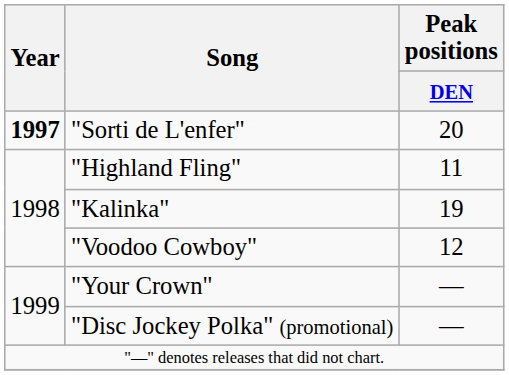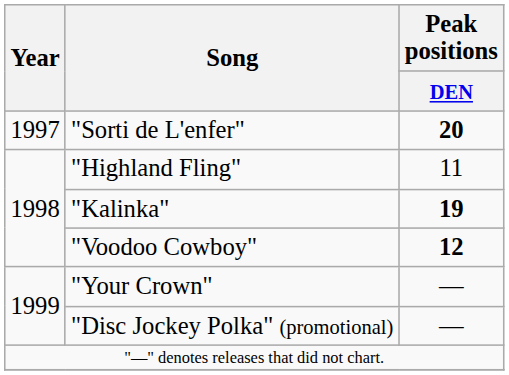 <table class="wikitable">
 <tr>
 <th rowspan="2">Year</th>
 <th rowspan="2">Song</th>
 <th>Peak<br>positions</th>
 </tr>
 <tr>
 <th width=40><small><a href='#'>DEN</a></small></th>
 </tr>
 <tr>
-<td rowspan="1"><strong>1997</strong></td>
+<td rowspan="1">1997</td>
 <td>"Sorti de L'enfer"</td>
-<td align="center">20</td>
+<td align="center"><strong>20</strong></td>
 </tr>
 <tr>
 <td rowspan="3">1998</td>
 <td>"Highland Fling"</td>
 <td align="center">11</td>
 </tr>
 <tr>
 <td>"Kalinka"</td>
-<td align="center">19</td>
+<td align="center"><strong>19</strong></td>
 </tr>
 <tr>
 <td>"Voodoo Cowboy"</td>
-<td align="center">12</td>
+<td align="center"><strong>12</strong></td>
 </tr>
 <tr>
 <td rowspan="2">1999</td>
 <td>"Your Crown"</td>
 <td align="center">—</td>
 </tr>
 <tr>
 <td>"Disc Jockey Polka" <small>(promotional)</small></td>
 <td align="center">—</td>
 </tr>
 <tr>
 <td align="center" colspan="21" style="font-size: 8pt">"—" denotes releases that did not chart.</td>
 </tr>
 <tr>
 </tr>
 </table>
